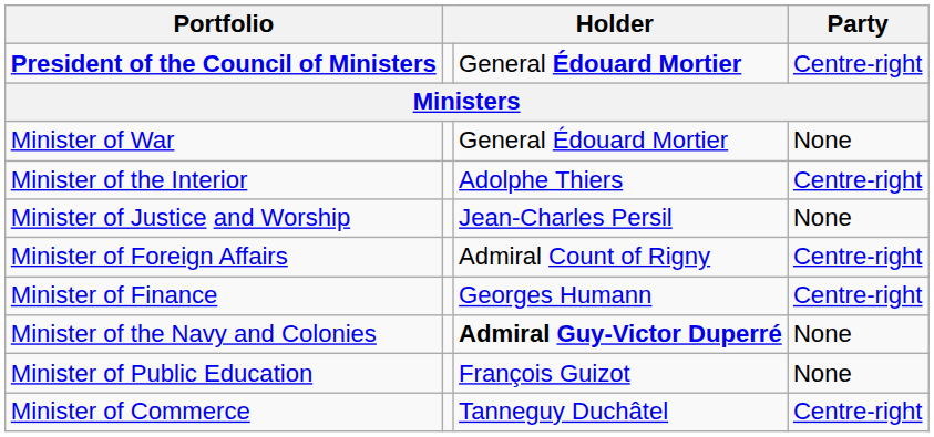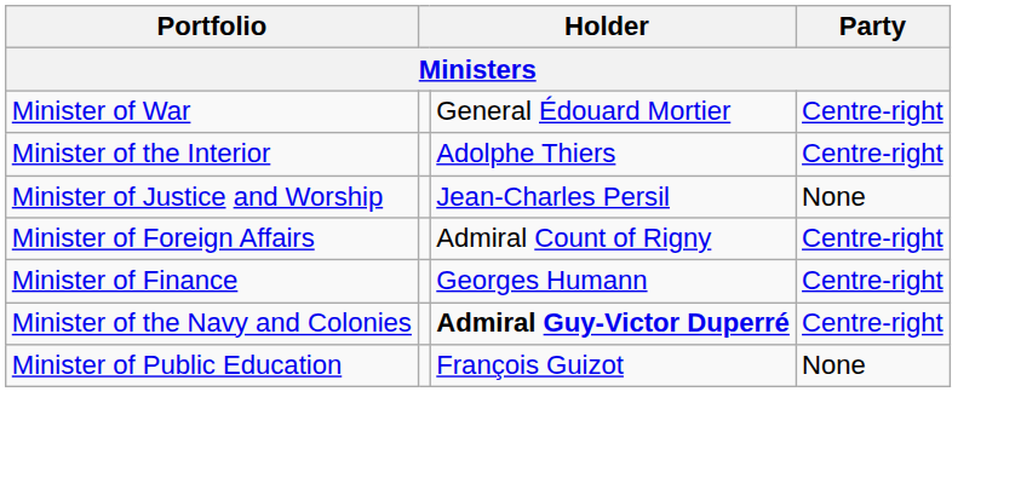 <table class="wikitable">
 <tr>
 <th>Portfolio</th>
 <th colspan=2>Holder</th>
 <th>Party</th>
-</tr>
-<tr>
-<td><strong><a href='#'>President of the Council of Ministers</a></strong></td>
-<td style="background:"></td>
-<td>General <strong><a href='#'>Édouard Mortier</a></strong></td>
-<td><a href='#'>Centre-right</a></td>
 </tr>
 <tr>
 <th colspan=4 align=center><a href='#'>Ministers</a></th>
 </tr>
 <tr>
 <td><a href='#'>Minister of War</a></td>
 <td style="background:"></td>
 <td>General <a href='#'>Édouard Mortier</a></td>
-<td>None</td>
+<td><a href='#'>Centre-right</a></td>
 </tr>
 <tr>
 <td><a href='#'>Minister of the Interior</a></td>
 <td style="background:"></td>
 <td><a href='#'>Adolphe Thiers</a></td>
 <td><a href='#'>Centre-right</a></td>
 </tr>
 <tr>
 <td><a href='#'>Minister of Justice</a> <a href='#'>and Worship</a></td>
 <td style="background:"></td>
 <td><a href='#'>Jean-Charles Persil</a></td>
 <td>None</td>
 </tr>
 <tr>
 <td><a href='#'>Minister of Foreign Affairs</a></td>
 <td style="background:"></td>
 <td>Admiral <a href='#'>Count of Rigny</a></td>
 <td><a href='#'>Centre-right</a></td>
 </tr>
 <tr>
 <td><a href='#'>Minister of Finance</a></td>
 <td style="background:"></td>
 <td><a href='#'>Georges Humann</a></td>
 <td><a href='#'>Centre-right</a></td>
 </tr>
 <tr>
 <td><a href='#'>Minister of the Navy and Colonies</a></td>
 <td style="background:"></td>
 <td><strong>Admiral <a href='#'>Guy-Victor Duperré</a></strong></td>
-<td>None</td>
+<td><a href='#'>Centre-right</a></td>
 </tr>
 <tr>
 <td><a href='#'>Minister of Public Education</a></td>
 <td style="background:"></td>
 <td><a href='#'>François Guizot</a></td>
 <td>None</td>
 </tr>
-<tr>
-<td><a href='#'>Minister of Commerce</a></td>
-<td style="background:"></td>
-<td><a href='#'>Tanneguy Duchâtel</a></td>
-<td><a href='#'>Centre-right</a></td>
-</tr>
 </table>
